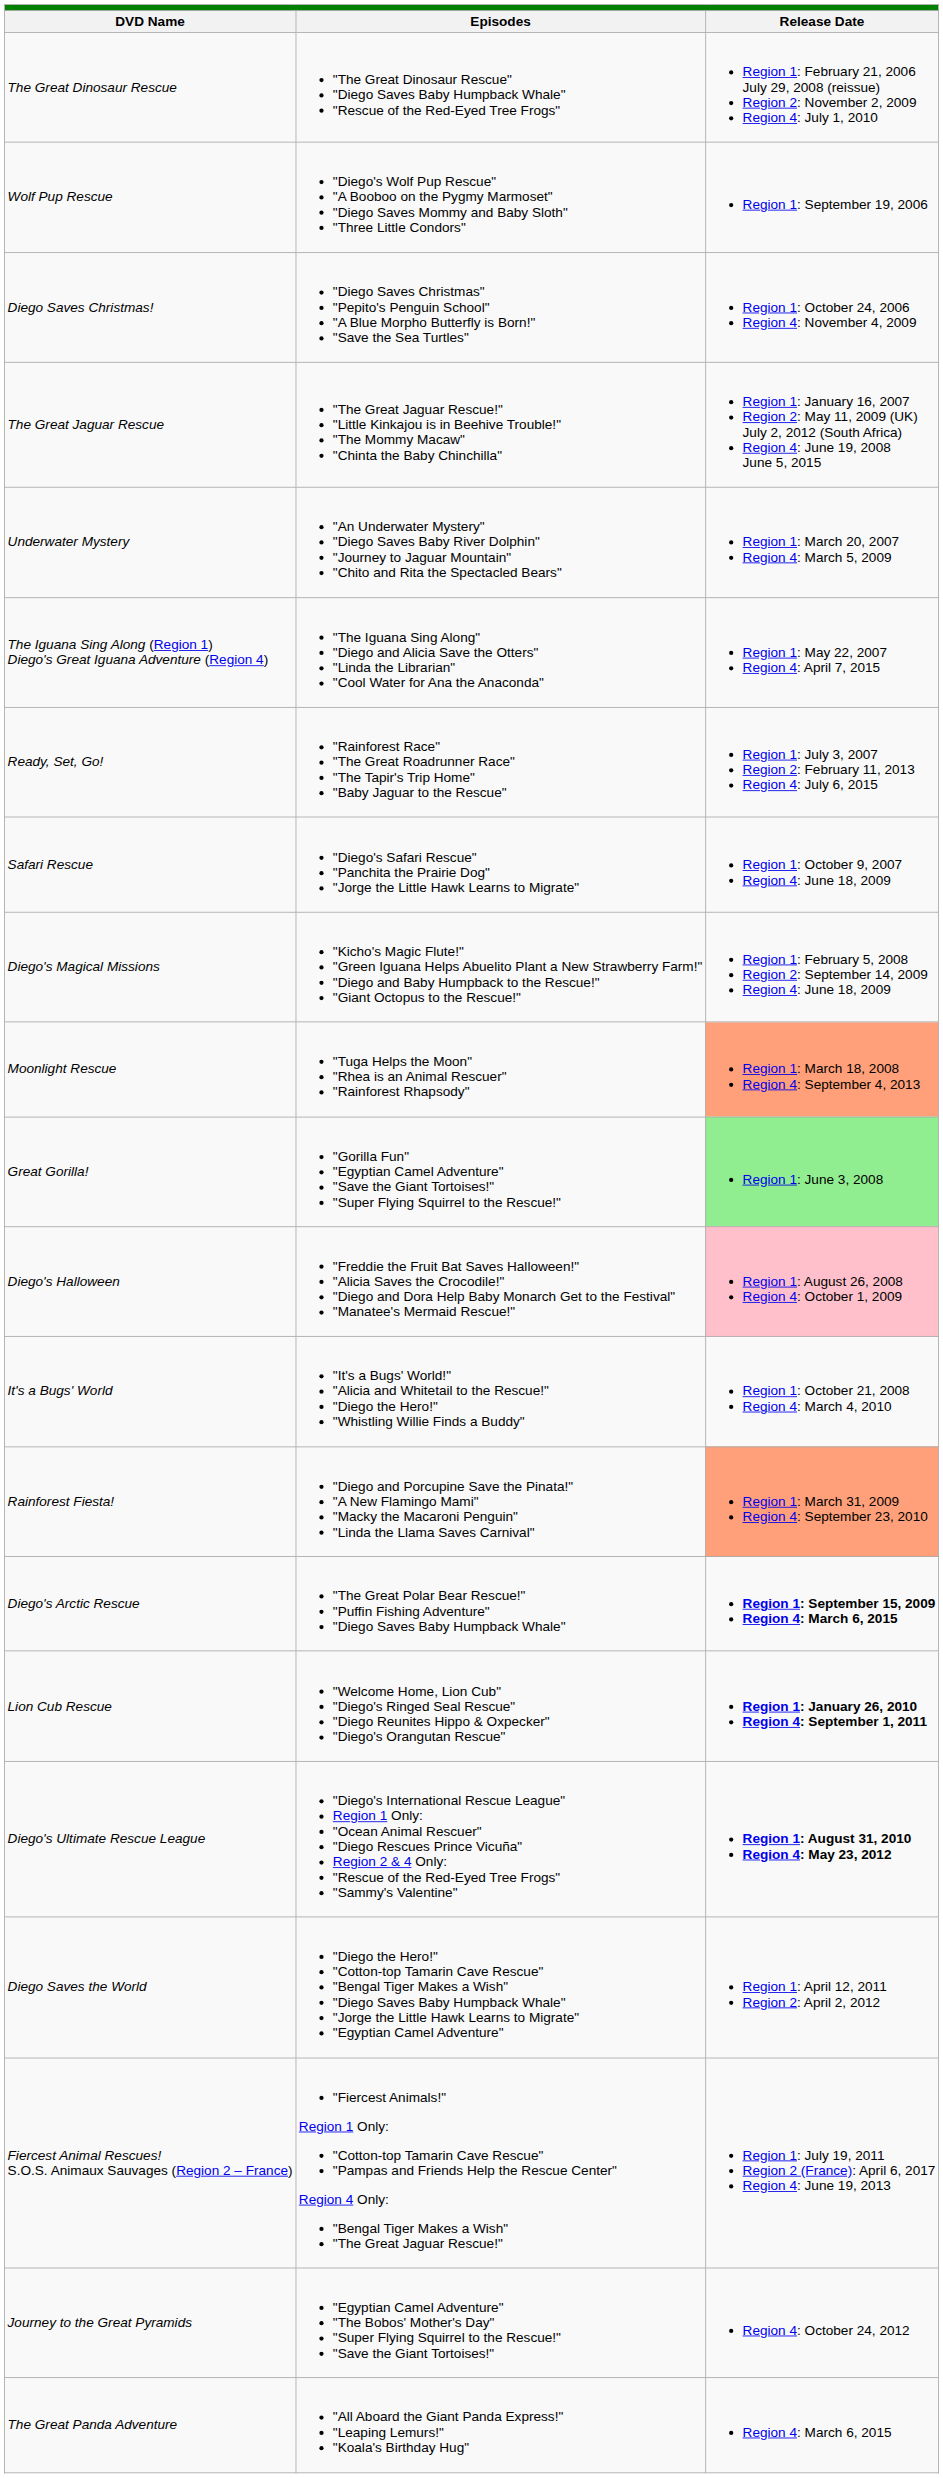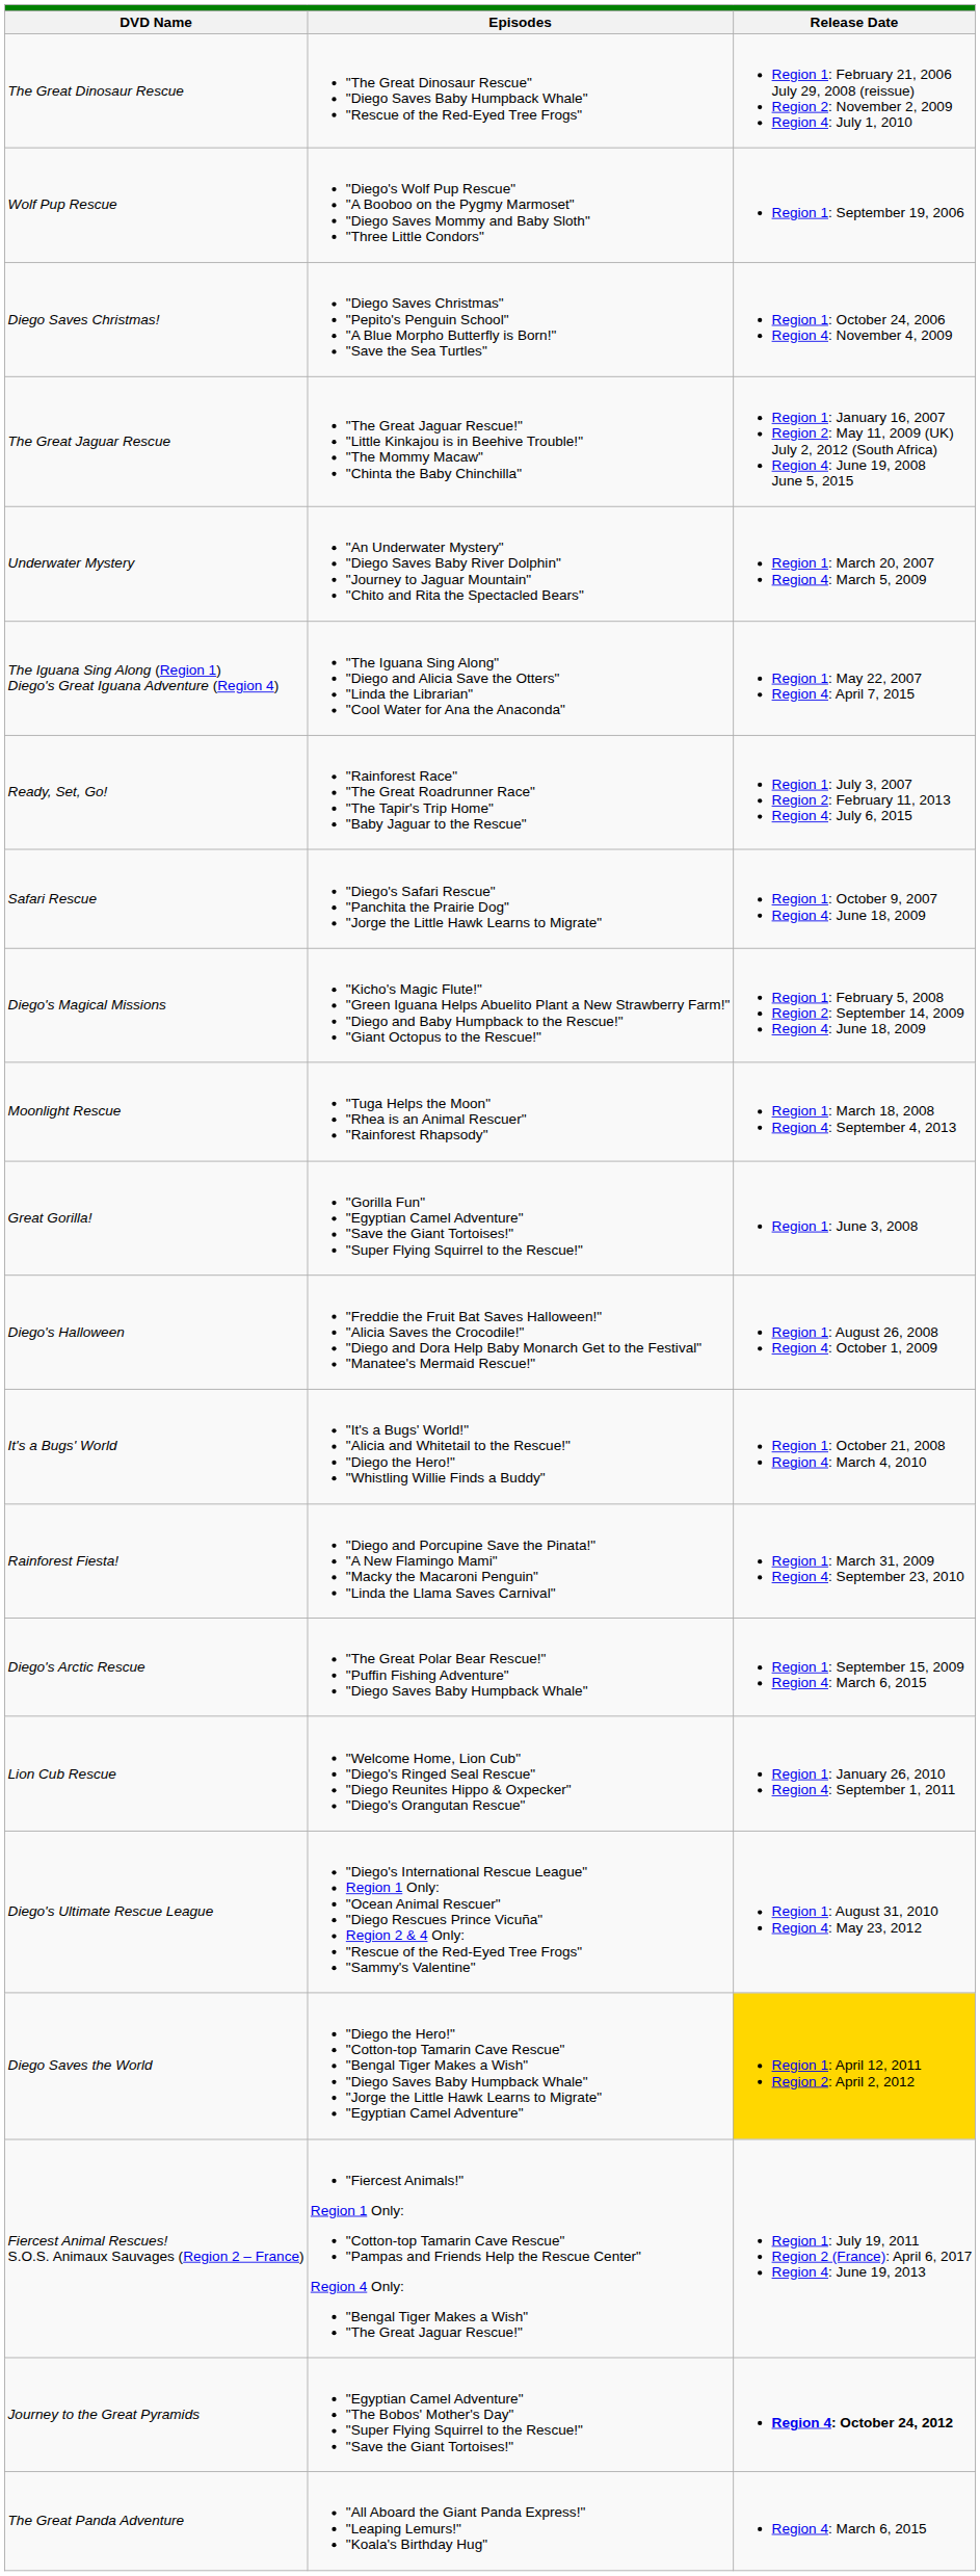 <table class="wikitable">
 <tr>
 <td colspan="4"  style="background:green; color:yellow; font-size:100%; text-align:center;"></td>
 </tr>
 <tr>
 <th>DVD Name</th>
 <th>Episodes</th>
 <th>Release Date</th>
 </tr>
 <tr>
 <td><em>The Great Dinosaur Rescue</em></td>
 <td><br><ul><li>"The Great Dinosaur Rescue"</li><li>"Diego Saves Baby Humpback Whale"</li><li>"Rescue of the Red-Eyed Tree Frogs"</li></ul></td>
 <td><br><ul><li><a href='#'>Region 1</a>: February 21, 2006<br>July 29, 2008 (reissue)</li><li><a href='#'>Region 2</a>: November 2, 2009</li><li><a href='#'>Region 4</a>: July 1, 2010</li></ul></td>
 </tr>
 <tr>
 <td><em>Wolf Pup Rescue</em></td>
 <td><br><ul><li>"Diego's Wolf Pup Rescue"</li><li>"A Booboo on the Pygmy Marmoset"</li><li>"Diego Saves Mommy and Baby Sloth"</li><li>"Three Little Condors"</li></ul></td>
 <td><br><ul><li><a href='#'>Region 1</a>: September 19, 2006</li></ul></td>
 </tr>
 <tr>
 <td><em>Diego Saves Christmas!</em></td>
 <td><br><ul><li>"Diego Saves Christmas"</li><li>"Pepito's Penguin School"</li><li>"A Blue Morpho Butterfly is Born!"</li><li>"Save the Sea Turtles"</li></ul></td>
 <td><br><ul><li><a href='#'>Region 1</a>: October 24, 2006</li><li><a href='#'>Region 4</a>: November 4, 2009</li></ul></td>
 </tr>
 <tr>
 <td><em>The Great Jaguar Rescue</em></td>
 <td><br><ul><li>"The Great Jaguar Rescue!"</li><li>"Little Kinkajou is in Beehive Trouble!"</li><li>"The Mommy Macaw"</li><li>"Chinta the Baby Chinchilla"</li></ul></td>
 <td><br><ul><li><a href='#'>Region 1</a>: January 16, 2007</li><li><a href='#'>Region 2</a>: May 11, 2009 (UK)<br>July 2, 2012 (South Africa)</li><li><a href='#'>Region 4</a>: June 19, 2008<br>June 5, 2015</li></ul></td>
 </tr>
 <tr>
 <td><em>Underwater Mystery</em></td>
 <td><br><ul><li>"An Underwater Mystery"</li><li>"Diego Saves Baby River Dolphin"</li><li>"Journey to Jaguar Mountain"</li><li>"Chito and Rita the Spectacled Bears"</li></ul></td>
 <td><br><ul><li><a href='#'>Region 1</a>: March 20, 2007</li><li><a href='#'>Region 4</a>: March 5, 2009</li></ul></td>
 </tr>
 <tr>
 <td><em>The Iguana Sing Along</em> (<a href='#'>Region 1</a>) <br><em>Diego's Great Iguana Adventure</em> (<a href='#'>Region 4</a>)</td>
 <td><br><ul><li>"The Iguana Sing Along"</li><li>"Diego and Alicia Save the Otters"</li><li>"Linda the Librarian"</li><li>"Cool Water for Ana the Anaconda"</li></ul></td>
 <td><br><ul><li><a href='#'>Region 1</a>: May 22, 2007</li><li><a href='#'>Region 4</a>: April 7, 2015</li></ul></td>
 </tr>
 <tr>
 <td><em>Ready, Set, Go!</em></td>
 <td><br><ul><li>"Rainforest Race"</li><li>"The Great Roadrunner Race"</li><li>"The Tapir's Trip Home"</li><li>"Baby Jaguar to the Rescue"</li></ul></td>
 <td><br><ul><li><a href='#'>Region 1</a>: July 3, 2007</li><li><a href='#'>Region 2</a>: February 11, 2013</li><li><a href='#'>Region 4</a>: July 6, 2015</li></ul></td>
 </tr>
 <tr>
 <td><em>Safari Rescue</em></td>
 <td><br><ul><li>"Diego's Safari Rescue"</li><li>"Panchita the Prairie Dog"</li><li>"Jorge the Little Hawk Learns to Migrate"</li></ul></td>
 <td><br><ul><li><a href='#'>Region 1</a>: October 9, 2007</li><li><a href='#'>Region 4</a>: June 18, 2009</li></ul></td>
 </tr>
 <tr>
 <td><em>Diego's Magical Missions</em></td>
 <td><br><ul><li>"Kicho's Magic Flute!"</li><li>"Green Iguana Helps Abuelito Plant a New Strawberry Farm!"</li><li>"Diego and Baby Humpback to the Rescue!"</li><li>"Giant Octopus to the Rescue!"</li></ul></td>
 <td><br><ul><li><a href='#'>Region 1</a>: February 5, 2008</li><li><a href='#'>Region 2</a>: September 14, 2009</li><li><a href='#'>Region 4</a>: June 18, 2009</li></ul></td>
 </tr>
 <tr>
 <td><em>Moonlight Rescue</em></td>
 <td><br><ul><li>"Tuga Helps the Moon"</li><li>"Rhea is an Animal Rescuer"</li><li>"Rainforest Rhapsody"</li></ul></td>
-<td style="background: lightsalmon;"><br><ul><li><a href='#'>Region 1</a>: March 18, 2008</li><li><a href='#'>Region 4</a>: September 4, 2013</li></ul></td>
+<td><br><ul><li><a href='#'>Region 1</a>: March 18, 2008</li><li><a href='#'>Region 4</a>: September 4, 2013</li></ul></td>
 </tr>
 <tr>
 <td><em>Great Gorilla!</em></td>
 <td><br><ul><li>"Gorilla Fun"</li><li>"Egyptian Camel Adventure"</li><li>"Save the Giant Tortoises!"</li><li>"Super Flying Squirrel to the Rescue!"</li></ul></td>
-<td style="background: lightgreen;"><br><ul><li><a href='#'>Region 1</a>: June 3, 2008</li></ul></td>
+<td><br><ul><li><a href='#'>Region 1</a>: June 3, 2008</li></ul></td>
 </tr>
 <tr>
 <td><em>Diego's Halloween</em></td>
 <td><br><ul><li>"Freddie the Fruit Bat Saves Halloween!"</li><li>"Alicia Saves the Crocodile!"</li><li>"Diego and Dora Help Baby Monarch Get to the Festival"</li><li>"Manatee's Mermaid Rescue!"</li></ul></td>
-<td style="background: pink;"><br><ul><li><a href='#'>Region 1</a>: August 26, 2008</li><li><a href='#'>Region 4</a>: October 1, 2009</li></ul></td>
+<td><br><ul><li><a href='#'>Region 1</a>: August 26, 2008</li><li><a href='#'>Region 4</a>: October 1, 2009</li></ul></td>
 </tr>
 <tr>
 <td><em>It's a Bugs' World</em></td>
 <td><br><ul><li>"It's a Bugs' World!"</li><li>"Alicia and Whitetail to the Rescue!"</li><li>"Diego the Hero!"</li><li>"Whistling Willie Finds a Buddy"</li></ul></td>
 <td><br><ul><li><a href='#'>Region 1</a>: October 21, 2008</li><li><a href='#'>Region 4</a>: March 4, 2010</li></ul></td>
 </tr>
 <tr>
 <td><em>Rainforest Fiesta!</em></td>
 <td><br><ul><li>"Diego and Porcupine Save the Pinata!"</li><li>"A New Flamingo Mami"</li><li>"Macky the Macaroni Penguin"</li><li>"Linda the Llama Saves Carnival"</li></ul></td>
-<td style="background: lightsalmon;"><br><ul><li><a href='#'>Region 1</a>: March 31, 2009</li><li><a href='#'>Region 4</a>: September 23, 2010</li></ul></td>
+<td><br><ul><li><a href='#'>Region 1</a>: March 31, 2009</li><li><a href='#'>Region 4</a>: September 23, 2010</li></ul></td>
 </tr>
 <tr>
 <td><em>Diego's Arctic Rescue</em></td>
 <td><br><ul><li>"The Great Polar Bear Rescue!"</li><li>"Puffin Fishing Adventure"</li><li>"Diego Saves Baby Humpback Whale"</li></ul></td>
-<td><strong><br><ul><li><a href='#'>Region 1</a>: September 15, 2009</li><li><a href='#'>Region 4</a>: March 6, 2015</li></ul></strong></td>
+<td><br><ul><li><a href='#'>Region 1</a>: September 15, 2009</li><li><a href='#'>Region 4</a>: March 6, 2015</li></ul></td>
 </tr>
 <tr>
 <td><em>Lion Cub Rescue</em></td>
 <td><br><ul><li>"Welcome Home, Lion Cub"</li><li>"Diego's Ringed Seal Rescue"</li><li>"Diego Reunites Hippo & Oxpecker"</li><li>"Diego's Orangutan Rescue"</li></ul></td>
-<td><strong><br><ul><li><a href='#'>Region 1</a>: January 26, 2010</li><li><a href='#'>Region 4</a>: September 1, 2011</li></ul></strong></td>
+<td><br><ul><li><a href='#'>Region 1</a>: January 26, 2010</li><li><a href='#'>Region 4</a>: September 1, 2011</li></ul></td>
 </tr>
 <tr>
 <td><em>Diego's Ultimate Rescue League</em></td>
 <td><br><ul><li>"Diego's International Rescue League"</li><li><a href='#'>Region 1</a> Only:</li><li>"Ocean Animal Rescuer"</li><li>"Diego Rescues Prince Vicuña"</li><li><a href='#'>Region 2 & 4</a> Only:</li><li>"Rescue of the Red-Eyed Tree Frogs"</li><li>"Sammy's Valentine"</li></ul></td>
-<td><strong><br><ul><li><a href='#'>Region 1</a>: August 31, 2010</li><li><a href='#'>Region 4</a>: May 23, 2012</li></ul></strong></td>
+<td><br><ul><li><a href='#'>Region 1</a>: August 31, 2010</li><li><a href='#'>Region 4</a>: May 23, 2012</li></ul></td>
 </tr>
 <tr>
 <td><em>Diego Saves the World</em></td>
 <td><br><ul><li>"Diego the Hero!"</li><li>"Cotton-top Tamarin Cave Rescue"</li><li>"Bengal Tiger Makes a Wish"</li><li>"Diego Saves Baby Humpback Whale"</li><li>"Jorge the Little Hawk Learns to Migrate"</li><li>"Egyptian Camel Adventure"</li></ul></td>
-<td><br><ul><li><a href='#'>Region 1</a>: April 12, 2011</li><li><a href='#'>Region 2</a>: April 2, 2012</li></ul></td>
+<td style="background: gold;"><br><ul><li><a href='#'>Region 1</a>: April 12, 2011</li><li><a href='#'>Region 2</a>: April 2, 2012</li></ul></td>
 </tr>
 <tr>
 <td><em>Fiercest Animal Rescues!</em><br>S.O.S. Animaux Sauvages (<a href='#'>Region 2 – France</a>)</td>
 <td><br><ul><li>"Fiercest Animals!"</li></ul><a href='#'>Region 1</a> Only:<ul><li>"Cotton-top Tamarin Cave Rescue"</li><li>"Pampas and Friends Help the Rescue Center"</li></ul><a href='#'>Region 4</a> Only:<ul><li>"Bengal Tiger Makes a Wish"</li><li>"The Great Jaguar Rescue!"</li></ul></td>
 <td><br><ul><li><a href='#'>Region 1</a>: July 19, 2011</li><li><a href='#'>Region 2 (France)</a>: April 6, 2017</li><li><a href='#'>Region 4</a>: June 19, 2013</li></ul></td>
 </tr>
 <tr>
 <td><em>Journey to the Great Pyramids</em></td>
 <td><br><ul><li>"Egyptian Camel Adventure"</li><li>"The Bobos' Mother's Day"</li><li>"Super Flying Squirrel to the Rescue!"</li><li>"Save the Giant Tortoises!"</li></ul></td>
-<td><br><ul><li><a href='#'>Region 4</a>: October 24, 2012</li></ul></td>
+<td><strong><br><ul><li><a href='#'>Region 4</a>: October 24, 2012</li></ul></strong></td>
 </tr>
 <tr>
 <td><em>The Great Panda Adventure</em></td>
 <td><br><ul><li>"All Aboard the Giant Panda Express!"</li><li>"Leaping Lemurs!"</li><li>"Koala's Birthday Hug"</li></ul></td>
 <td><br><ul><li><a href='#'>Region 4</a>: March 6, 2015</li></ul></td>
 </tr>
 </table>
